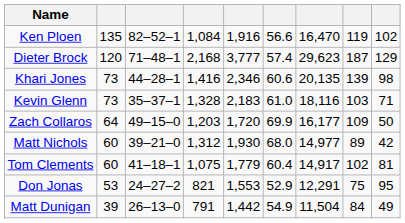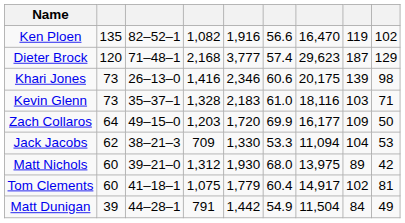 <table class="wikitable sortable" style="text-align:center">
 <tr>
 <th>Name</th>
 <th></th>
 <th></th>
 <th></th>
 <th></th>
 <th></th>
 <th></th>
 <th></th>
 <th></th>
 </tr>
 <tr>
 <td><a href='#'>Ken Ploen</a></td>
 <td>135</td>
 <td>82–52–1</td>
-<td>1,084</td>
+<td>1,082</td>
 <td>1,916</td>
 <td>56.6</td>
 <td>16,470</td>
 <td>119</td>
 <td>102</td>
 </tr>
 <tr>
 <td><a href='#'>Dieter Brock</a></td>
 <td>120</td>
 <td>71–48–1</td>
 <td>2,168</td>
 <td>3,777</td>
 <td>57.4</td>
 <td>29,623</td>
 <td>187</td>
 <td>129</td>
 </tr>
 <tr>
 <td><a href='#'>Khari Jones</a></td>
 <td>73</td>
-<td>44–28–1</td>
+<td>26–13–0</td>
 <td>1,416</td>
 <td>2,346</td>
 <td>60.6</td>
-<td>20,135</td>
+<td>20,175</td>
 <td>139</td>
 <td>98</td>
 </tr>
 <tr>
 <td><a href='#'>Kevin Glenn</a></td>
 <td>73</td>
 <td>35–37–1</td>
 <td>1,328</td>
 <td>2,183</td>
 <td>61.0</td>
 <td>18,116</td>
 <td>103</td>
 <td>71</td>
 </tr>
 <tr>
 <td><a href='#'>Zach Collaros</a></td>
 <td>64</td>
 <td>49–15–0</td>
 <td>1,203</td>
 <td>1,720</td>
 <td>69.9</td>
 <td>16,177</td>
 <td>109</td>
 <td>50</td>
 </tr>
 <tr>
+<td><a href='#'>Jack Jacobs</a></td>
+<td>62</td>
+<td>38–21–3</td>
+<td>709</td>
+<td>1,330</td>
+<td>53.3</td>
+<td>11,094</td>
+<td>104</td>
+<td>53</td>
+</tr>
+<tr>
 <td><a href='#'>Matt Nichols</a></td>
 <td>60</td>
 <td>39–21–0</td>
 <td>1,312</td>
 <td>1,930</td>
 <td>68.0</td>
-<td>14,977</td>
+<td>13,975</td>
 <td>89</td>
 <td>42</td>
 </tr>
 <tr>
 <td><a href='#'>Tom Clements</a></td>
 <td>60</td>
 <td>41–18–1</td>
 <td>1,075</td>
 <td>1,779</td>
 <td>60.4</td>
 <td>14,917</td>
 <td>102</td>
 <td>81</td>
 </tr>
 <tr>
-<td><a href='#'>Don Jonas</a></td>
-<td>53</td>
-<td>24–27–2</td>
-<td>821</td>
-<td>1,553</td>
-<td>52.9</td>
-<td>12,291</td>
-<td>75</td>
-<td>95</td>
-</tr>
-<tr>
 <td><a href='#'>Matt Dunigan</a></td>
 <td>39</td>
-<td>26–13–0</td>
+<td>44–28–1</td>
 <td>791</td>
 <td>1,442</td>
 <td>54.9</td>
 <td>11,504</td>
 <td>84</td>
 <td>49</td>
 </tr>
 </table>
